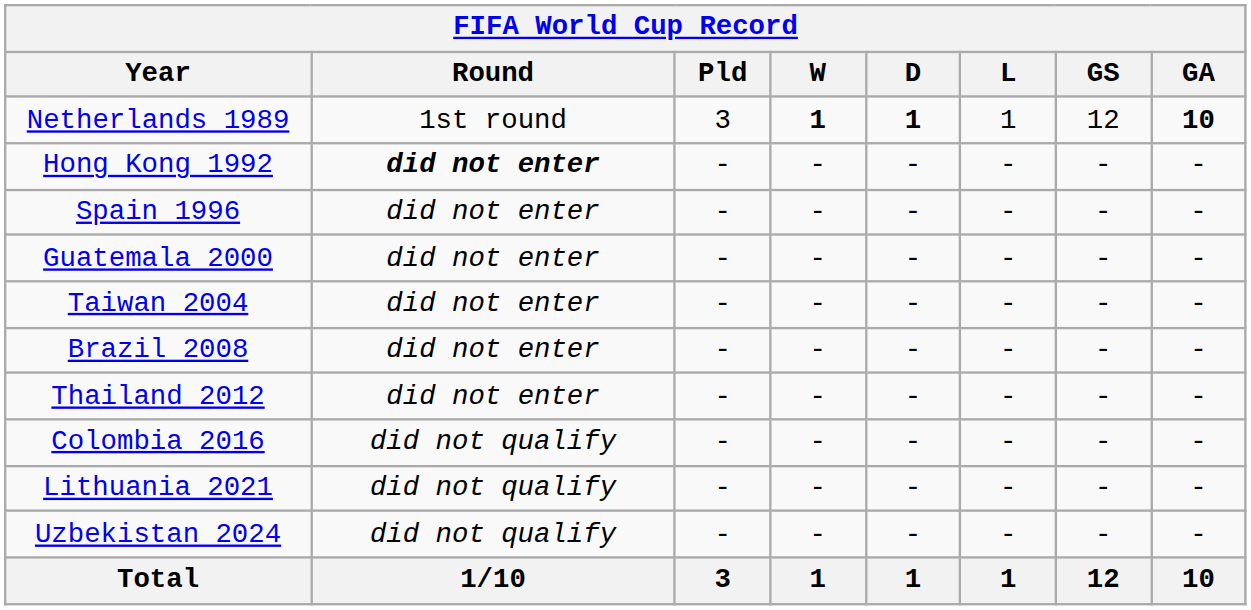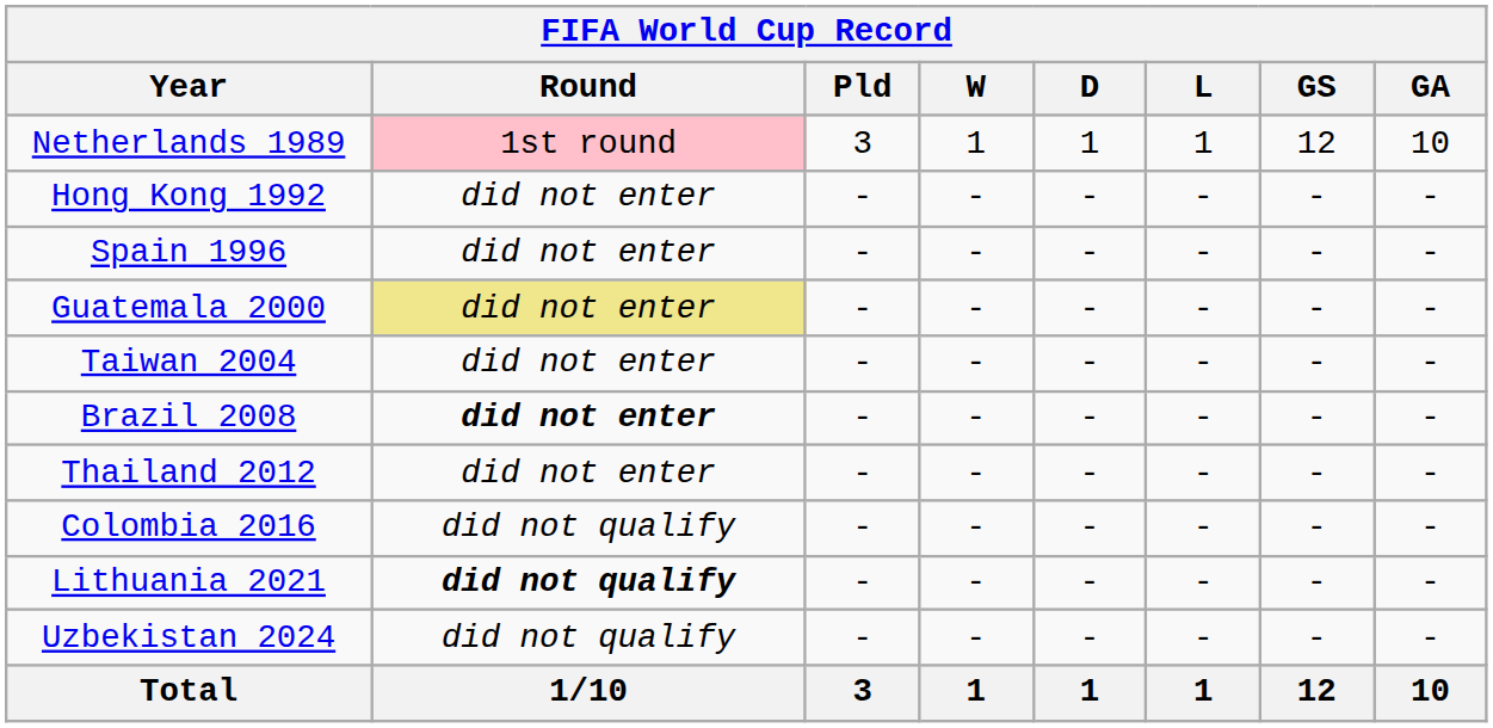 <table class="wikitable" style="text-align: center;font-size:90%;">
 <tr>
 <th colspan=8><a href='#'>FIFA World Cup Record</a></th>
 </tr>
 <tr>
 <th width=125>Year</th>
 <th width=150>Round</th>
 <th width=35>Pld</th>
 <th width=35>W</th>
 <th width=35>D</th>
 <th width=35>L</th>
 <th width=35>GS</th>
 <th width=35>GA</th>
 </tr>
 <tr>
 <td><a href='#'>Netherlands 1989</a></td>
-<td>1st round</td>
+<td style="background: pink;">1st round</td>
 <td>3</td>
-<td><strong>1</strong></td>
-<td><strong>1</strong></td>
+<td>1</td>
+<td>1</td>
 <td>1</td>
 <td>12</td>
-<td><strong>10</strong></td>
+<td>10</td>
 </tr>
 <tr>
 <td><a href='#'>Hong Kong 1992</a></td>
-<td><strong><em>did not enter</em></strong></td>
+<td><em>did not enter</em></td>
 <td>-</td>
 <td>-</td>
 <td>-</td>
 <td>-</td>
 <td>-</td>
 <td>-</td>
 </tr>
 <tr>
 <td><a href='#'>Spain 1996</a></td>
 <td><em>did not enter</em></td>
 <td>-</td>
 <td>-</td>
 <td>-</td>
 <td>-</td>
 <td>-</td>
 <td>-</td>
 </tr>
 <tr>
 <td><a href='#'>Guatemala 2000</a></td>
-<td><em>did not enter</em></td>
+<td style="background: khaki;"><em>did not enter</em></td>
 <td>-</td>
 <td>-</td>
 <td>-</td>
 <td>-</td>
 <td>-</td>
 <td>-</td>
 </tr>
 <tr>
 <td><a href='#'>Taiwan 2004</a></td>
 <td><em>did not enter</em></td>
 <td>-</td>
 <td>-</td>
 <td>-</td>
 <td>-</td>
 <td>-</td>
 <td>-</td>
 </tr>
 <tr>
 <td><a href='#'>Brazil 2008</a></td>
-<td><em>did not enter</em></td>
+<td><strong><em>did not enter</em></strong></td>
 <td>-</td>
 <td>-</td>
 <td>-</td>
 <td>-</td>
 <td>-</td>
 <td>-</td>
 </tr>
 <tr>
 <td><a href='#'>Thailand 2012</a></td>
 <td><em>did not enter</em></td>
 <td>-</td>
 <td>-</td>
 <td>-</td>
 <td>-</td>
 <td>-</td>
 <td>-</td>
 </tr>
 <tr>
 <td><a href='#'>Colombia 2016</a></td>
 <td><em>did not qualify</em></td>
 <td>-</td>
 <td>-</td>
 <td>-</td>
 <td>-</td>
 <td>-</td>
 <td>-</td>
 </tr>
 <tr>
 <td><a href='#'>Lithuania 2021</a></td>
-<td><em>did not qualify</em></td>
+<td><strong><em>did not qualify</em></strong></td>
 <td>-</td>
 <td>-</td>
 <td>-</td>
 <td>-</td>
 <td>-</td>
 <td>-</td>
 </tr>
 <tr>
 <td><a href='#'>Uzbekistan 2024</a></td>
 <td><em>did not qualify</em></td>
 <td>-</td>
 <td>-</td>
 <td>-</td>
 <td>-</td>
 <td>-</td>
 <td>-</td>
 </tr>
 <tr>
 <th><strong>Total</strong></th>
 <th>1/10</th>
 <th>3</th>
 <th>1</th>
 <th>1</th>
 <th>1</th>
 <th>12</th>
 <th>10</th>
 </tr>
 </table>
